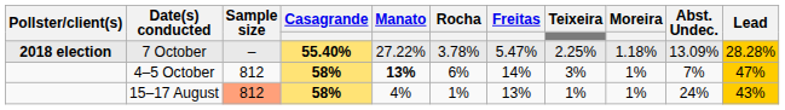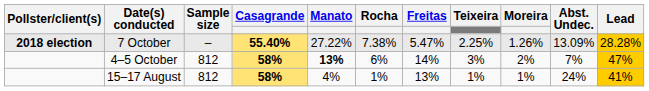 <table class="wikitable sortable" style="text-align:center;font-size:90%;line-height:14px;">
 <tr>
 <th rowspan="2">Pollster/client(s)</th>
 <th rowspan="2">Date(s)<br>conducted</th>
 <th rowspan="2" data-sort-type="number">Sample<br>size</th>
 <th class="unsortable" style="width:50px;"><a href='#'>Casagrande</a><br></th>
 <th class="unsortable" style="width:50px;"><a href='#'>Manato</a><br></th>
 <th class="unsortable" style="width:50px;">Rocha<br></th>
 <th class="unsortable" style="width:50px;"><a href='#'>Freitas</a><br></th>
 <th class="unsortable" style="width:50px;">Teixeira<br></th>
 <th class="unsortable" style="width:50px;">Moreira<br></th>
 <th rowspan="2" class="unsortable">Abst.<br>Undec.</th>
 <th rowspan="2" data-sort-type="number">Lead</th>
 </tr>
 <tr>
 <th data-sort-type="number" class="sortable" style="background:"></th>
 <th data-sort-type="number" class="sortable" style="background:"></th>
 <th data-sort-type="number" class="sortable" style="background:"></th>
 <th data-sort-type="number" class="sortable" style="background:"></th>
 <th data-sort-type="number" class="sortable" style="background:#7B7B7B;"></th>
 <th data-sort-type="number" class="sortable" style="background:"></th>
 </tr>
 <tr style="background:#E9E9E9;">
 <td><strong>2018 election</strong></td>
 <td>7 October</td>
 <td>–</td>
 <td style="background:#FFE375;"><strong>55.40%</strong></td>
 <td>27.22%</td>
-<td>3.78%</td>
+<td>7.38%</td>
 <td>5.47%</td>
 <td>2.25%</td>
-<td>1.18%</td>
+<td>1.26%</td>
 <td>13.09%</td>
 <td style="background:#FFCC00;">28.28%</td>
 </tr>
 <tr>
 <td></td>
 <td>4–5 October</td>
 <td>812</td>
 <td style="background:#FFE375;"><strong>58%</strong></td>
 <td><strong>13%</strong></td>
 <td>6%</td>
 <td>14%</td>
 <td>3%</td>
-<td>1%</td>
+<td>2%</td>
 <td>7%</td>
 <td style="background:#FFCC00;">47%</td>
 </tr>
 <tr>
 <td></td>
 <td>15–17 August</td>
-<td style="background: lightsalmon;">812</td>
+<td>812</td>
 <td style="background:#FFE375;"><strong>58%</strong></td>
 <td>4%</td>
 <td>1%</td>
 <td>13%</td>
 <td>1%</td>
 <td>1%</td>
 <td>24%</td>
-<td style="background:#FFCC00;">43%</td>
+<td style="background:#FFCC00;">41%</td>
 </tr>
 </table>
